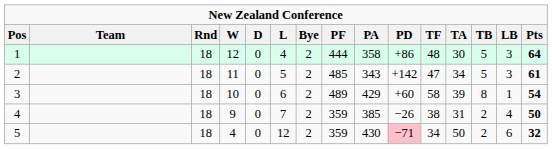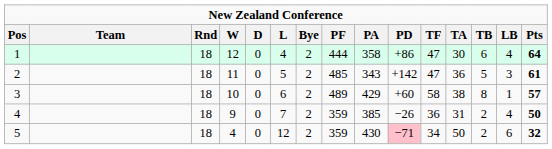 <table class="wikitable" style="float:left; margin-right:15px; text-align: center;">
 <tr>
 <td colspan=15><div><strong>New Zealand Conference</strong></div></td>
 </tr>
 <tr>
 <th style="width:25px;">Pos</th>
 <th style="width:200px;">Team</th>
 <th style="width:25px;">Rnd</th>
 <th style="width:25px;">W</th>
 <th style="width:25px;">D</th>
 <th style="width:25px;">L</th>
 <th style="width:25px;">Bye</th>
 <th style="width:35px;">PF</th>
 <th style="width:35px;">PA</th>
 <th style="width:35px;">PD</th>
 <th style="width:25px;">TF</th>
 <th style="width:25px;">TA</th>
 <th style="width:25px;">TB</th>
 <th style="width:25px;">LB</th>
 <th style="width:25px;">Pts<br></th>
 </tr>
 <tr style="background:#d8ffeb; text-align:center;">
 <td>1</td>
 <td align=left></td>
 <td>18</td>
 <td>12</td>
 <td>0</td>
 <td>4</td>
 <td>2</td>
 <td>444</td>
 <td>358</td>
 <td>+86</td>
-<td>48</td>
+<td>47</td>
 <td>30</td>
-<td>5</td>
-<td>3</td>
+<td>6</td>
+<td>4</td>
 <td><strong>64</strong></td>
 </tr>
 <tr>
 <td>2</td>
 <td align=left></td>
 <td>18</td>
 <td>11</td>
 <td>0</td>
 <td>5</td>
 <td>2</td>
 <td>485</td>
 <td>343</td>
 <td>+142</td>
 <td>47</td>
-<td>34</td>
+<td>36</td>
 <td>5</td>
 <td>3</td>
 <td><strong>61</strong></td>
 </tr>
 <tr>
 <td>3</td>
 <td align=left></td>
 <td>18</td>
 <td>10</td>
 <td>0</td>
 <td>6</td>
 <td>2</td>
 <td>489</td>
 <td>429</td>
 <td>+60</td>
 <td>58</td>
-<td>39</td>
+<td>38</td>
 <td>8</td>
 <td>1</td>
-<td><strong>54</strong></td>
+<td><strong>57</strong></td>
 </tr>
 <tr>
 <td>4</td>
 <td align=left></td>
 <td>18</td>
 <td>9</td>
 <td>0</td>
 <td>7</td>
 <td>2</td>
 <td>359</td>
 <td>385</td>
 <td>−26</td>
-<td>38</td>
+<td>36</td>
 <td>31</td>
 <td>2</td>
 <td>4</td>
 <td><strong>50</strong></td>
 </tr>
 <tr>
 <td>5</td>
 <td align=left><strong></strong></td>
 <td>18</td>
 <td>4</td>
 <td>0</td>
 <td>12</td>
 <td>2</td>
 <td>359</td>
 <td>430</td>
 <td style="background: pink;">−71</td>
 <td>34</td>
 <td>50</td>
 <td>2</td>
 <td>6</td>
 <td><strong>32</strong></td>
 </tr>
 </table>
